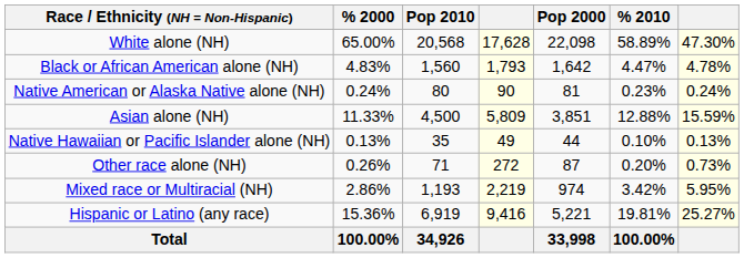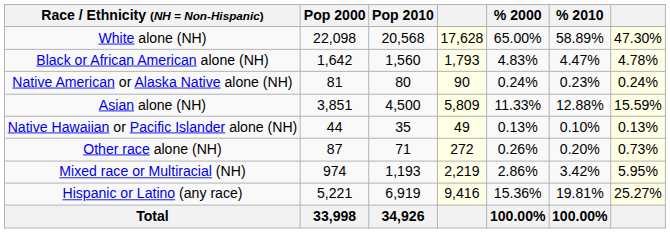 <table class="wikitable" style="text-align:center;">
 <tr>
 <th>Race / Ethnicity <small>(<em>NH = Non-Hispanic</em>)</small></th>
-<th>% 2000</th>
+<th>Pop 2000</th>
 <th>Pop 2010</th>
 <th></th>
-<th>Pop 2000</th>
+<th>% 2000</th>
 <th>% 2010</th>
 <th></th>
 </tr>
 <tr>
 <td><a href='#'>White</a> alone (NH)</td>
-<td>65.00%</td>
+<td>22,098</td>
 <td>20,568</td>
 <td style='background: #ffffe6;'>17,628</td>
-<td>22,098</td>
+<td>65.00%</td>
 <td>58.89%</td>
 <td style='background: #ffffe6;'>47.30%</td>
 </tr>
 <tr>
 <td><a href='#'>Black or African American</a> alone (NH)</td>
-<td>4.83%</td>
+<td>1,642</td>
 <td>1,560</td>
 <td style='background: #ffffe6;'>1,793</td>
-<td>1,642</td>
+<td>4.83%</td>
 <td>4.47%</td>
 <td style='background: #ffffe6;'>4.78%</td>
 </tr>
 <tr>
 <td><a href='#'>Native American</a> or <a href='#'>Alaska Native</a> alone (NH)</td>
-<td>0.24%</td>
+<td>81</td>
 <td>80</td>
 <td style='background: #ffffe6;'>90</td>
-<td>81</td>
+<td>0.24%</td>
 <td>0.23%</td>
 <td style='background: #ffffe6;'>0.24%</td>
 </tr>
 <tr>
 <td><a href='#'>Asian</a> alone (NH)</td>
-<td>11.33%</td>
+<td>3,851</td>
 <td>4,500</td>
 <td style='background: #ffffe6;'>5,809</td>
-<td>3,851</td>
+<td>11.33%</td>
 <td>12.88%</td>
 <td style='background: #ffffe6;'>15.59%</td>
 </tr>
 <tr>
 <td><a href='#'>Native Hawaiian</a> or <a href='#'>Pacific Islander</a> alone (NH)</td>
-<td>0.13%</td>
+<td>44</td>
 <td>35</td>
 <td style='background: #ffffe6;'>49</td>
-<td>44</td>
+<td>0.13%</td>
 <td>0.10%</td>
 <td style='background: #ffffe6;'>0.13%</td>
 </tr>
 <tr>
 <td><a href='#'>Other race</a> alone (NH)</td>
-<td>0.26%</td>
+<td>87</td>
 <td>71</td>
 <td style='background: #ffffe6;'>272</td>
-<td>87</td>
+<td>0.26%</td>
 <td>0.20%</td>
 <td style='background: #ffffe6;'>0.73%</td>
 </tr>
 <tr>
 <td><a href='#'>Mixed race or Multiracial</a> (NH)</td>
-<td>2.86%</td>
+<td>974</td>
 <td>1,193</td>
 <td style='background: #ffffe6;'>2,219</td>
-<td>974</td>
+<td>2.86%</td>
 <td>3.42%</td>
 <td style='background: #ffffe6;'>5.95%</td>
 </tr>
 <tr>
 <td><a href='#'>Hispanic or Latino</a> (any race)</td>
-<td>15.36%</td>
+<td>5,221</td>
 <td>6,919</td>
 <td style='background: #ffffe6;'>9,416</td>
-<td>5,221</td>
+<td>15.36%</td>
 <td>19.81%</td>
 <td style='background: #ffffe6;'>25.27%</td>
 </tr>
 <tr>
 <th>Total</th>
-<th>100.00%</th>
+<th>33,998</th>
 <th>34,926</th>
 <th></th>
-<th>33,998</th>
+<th>100.00%</th>
 <th>100.00%</th>
 <th></th>
 </tr>
 </table>
